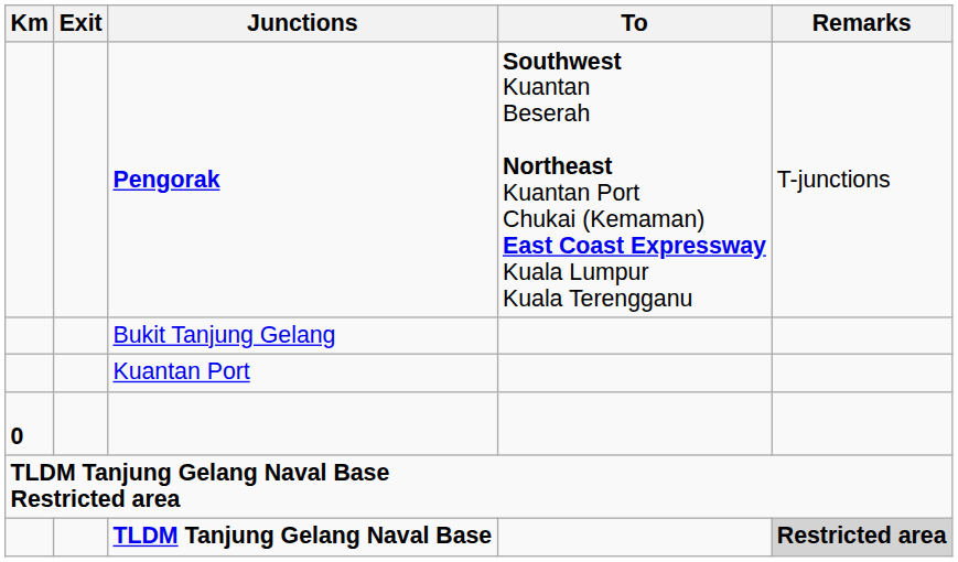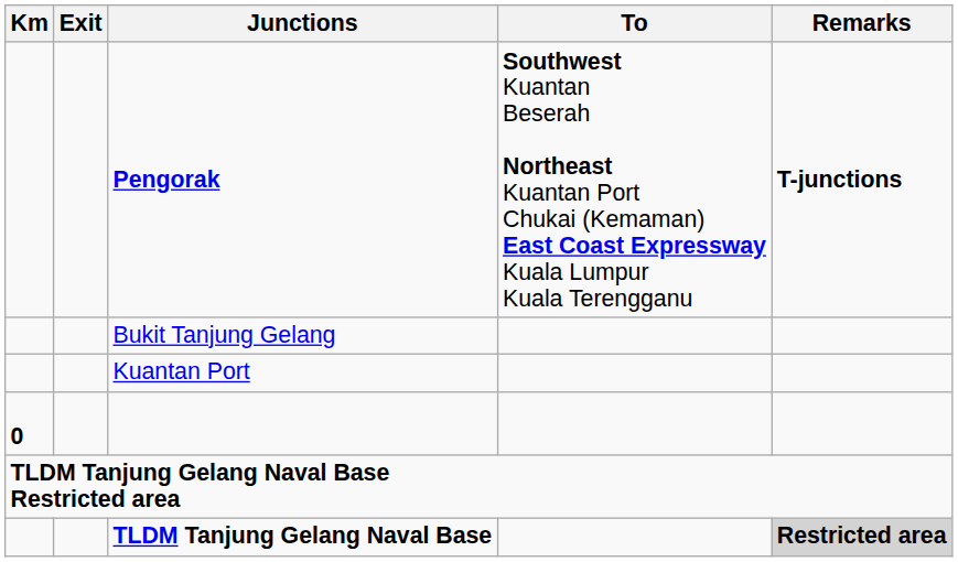 <table class="wikitable">
 <tr>
 <th>Km</th>
 <th>Exit</th>
 <th>Junctions</th>
 <th>To</th>
 <th>Remarks</th>
 </tr>
 <tr>
 <td></td>
 <td></td>
 <td><strong><a href='#'>Pengorak</a></strong></td>
 <td><strong>Southwest</strong><br> Kuantan<br> Beserah<br><br><strong>Northeast</strong><br> Kuantan Port <br>  Chukai (Kemaman)<br>  <strong><a href='#'>East Coast Expressway</a></strong><br>Kuala Lumpur<br>Kuala Terengganu</td>
-<td>T-junctions</td>
+<td><strong>T-junctions</strong></td>
 </tr>
 <tr>
 <td></td>
 <td></td>
 <td><a href='#'>Bukit Tanjung Gelang</a></td>
 <td></td>
 <td></td>
 </tr>
 <tr>
 <td></td>
 <td></td>
 <td><a href='#'>Kuantan Port</a> </td>
 <td></td>
 <td></td>
 </tr>
 <tr>
 <td><br><strong>0</strong></td>
 <td></td>
 <td></td>
 <td></td>
 <td></td>
 </tr>
 <tr>
 <td style="width:600px" colspan="6" style="text-align:center; background:green;"><strong><span>TLDM Tanjung Gelang Naval Base</span></strong><br><strong><span>Restricted area</span></strong></td>
 </tr>
 <tr>
 <td></td>
 <td></td>
 <td><strong><a href='#'>TLDM</a> Tanjung Gelang Naval Base</strong></td>
 <td></td>
 <td style="background: lightgrey;"><strong><span>Restricted area</span></strong></td>
 </tr>
 </table>
